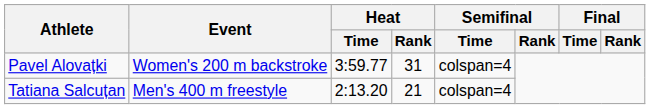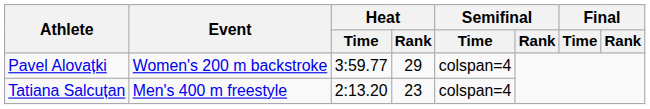 <table class=wikitable style="font-size:90%">
 <tr>
 <th rowspan="2">Athlete</th>
 <th rowspan="2">Event</th>
 <th colspan="2">Heat</th>
 <th colspan="2">Semifinal</th>
 <th colspan="2">Final</th>
 </tr>
 <tr style="font-size:95%">
 <th>Time</th>
 <th>Rank</th>
 <th>Time</th>
 <th>Rank</th>
 <th>Time</th>
 <th>Rank</th>
 </tr>
 <tr align=center>
 <td align=left><a href='#'>Pavel Alovațki</a></td>
 <td align=left><a href='#'>Women's 200 m backstroke</a></td>
 <td>3:59.77</td>
-<td>31</td>
+<td>29</td>
 <td>colspan=4 </td>
 </tr>
 <tr align=center>
 <td align=left><a href='#'>Tatiana Salcuțan</a></td>
 <td align=left><a href='#'>Men's 400 m freestyle</a></td>
 <td>2:13.20</td>
-<td>21</td>
+<td>23</td>
 <td>colspan=4 </td>
 </tr>
 </table>
